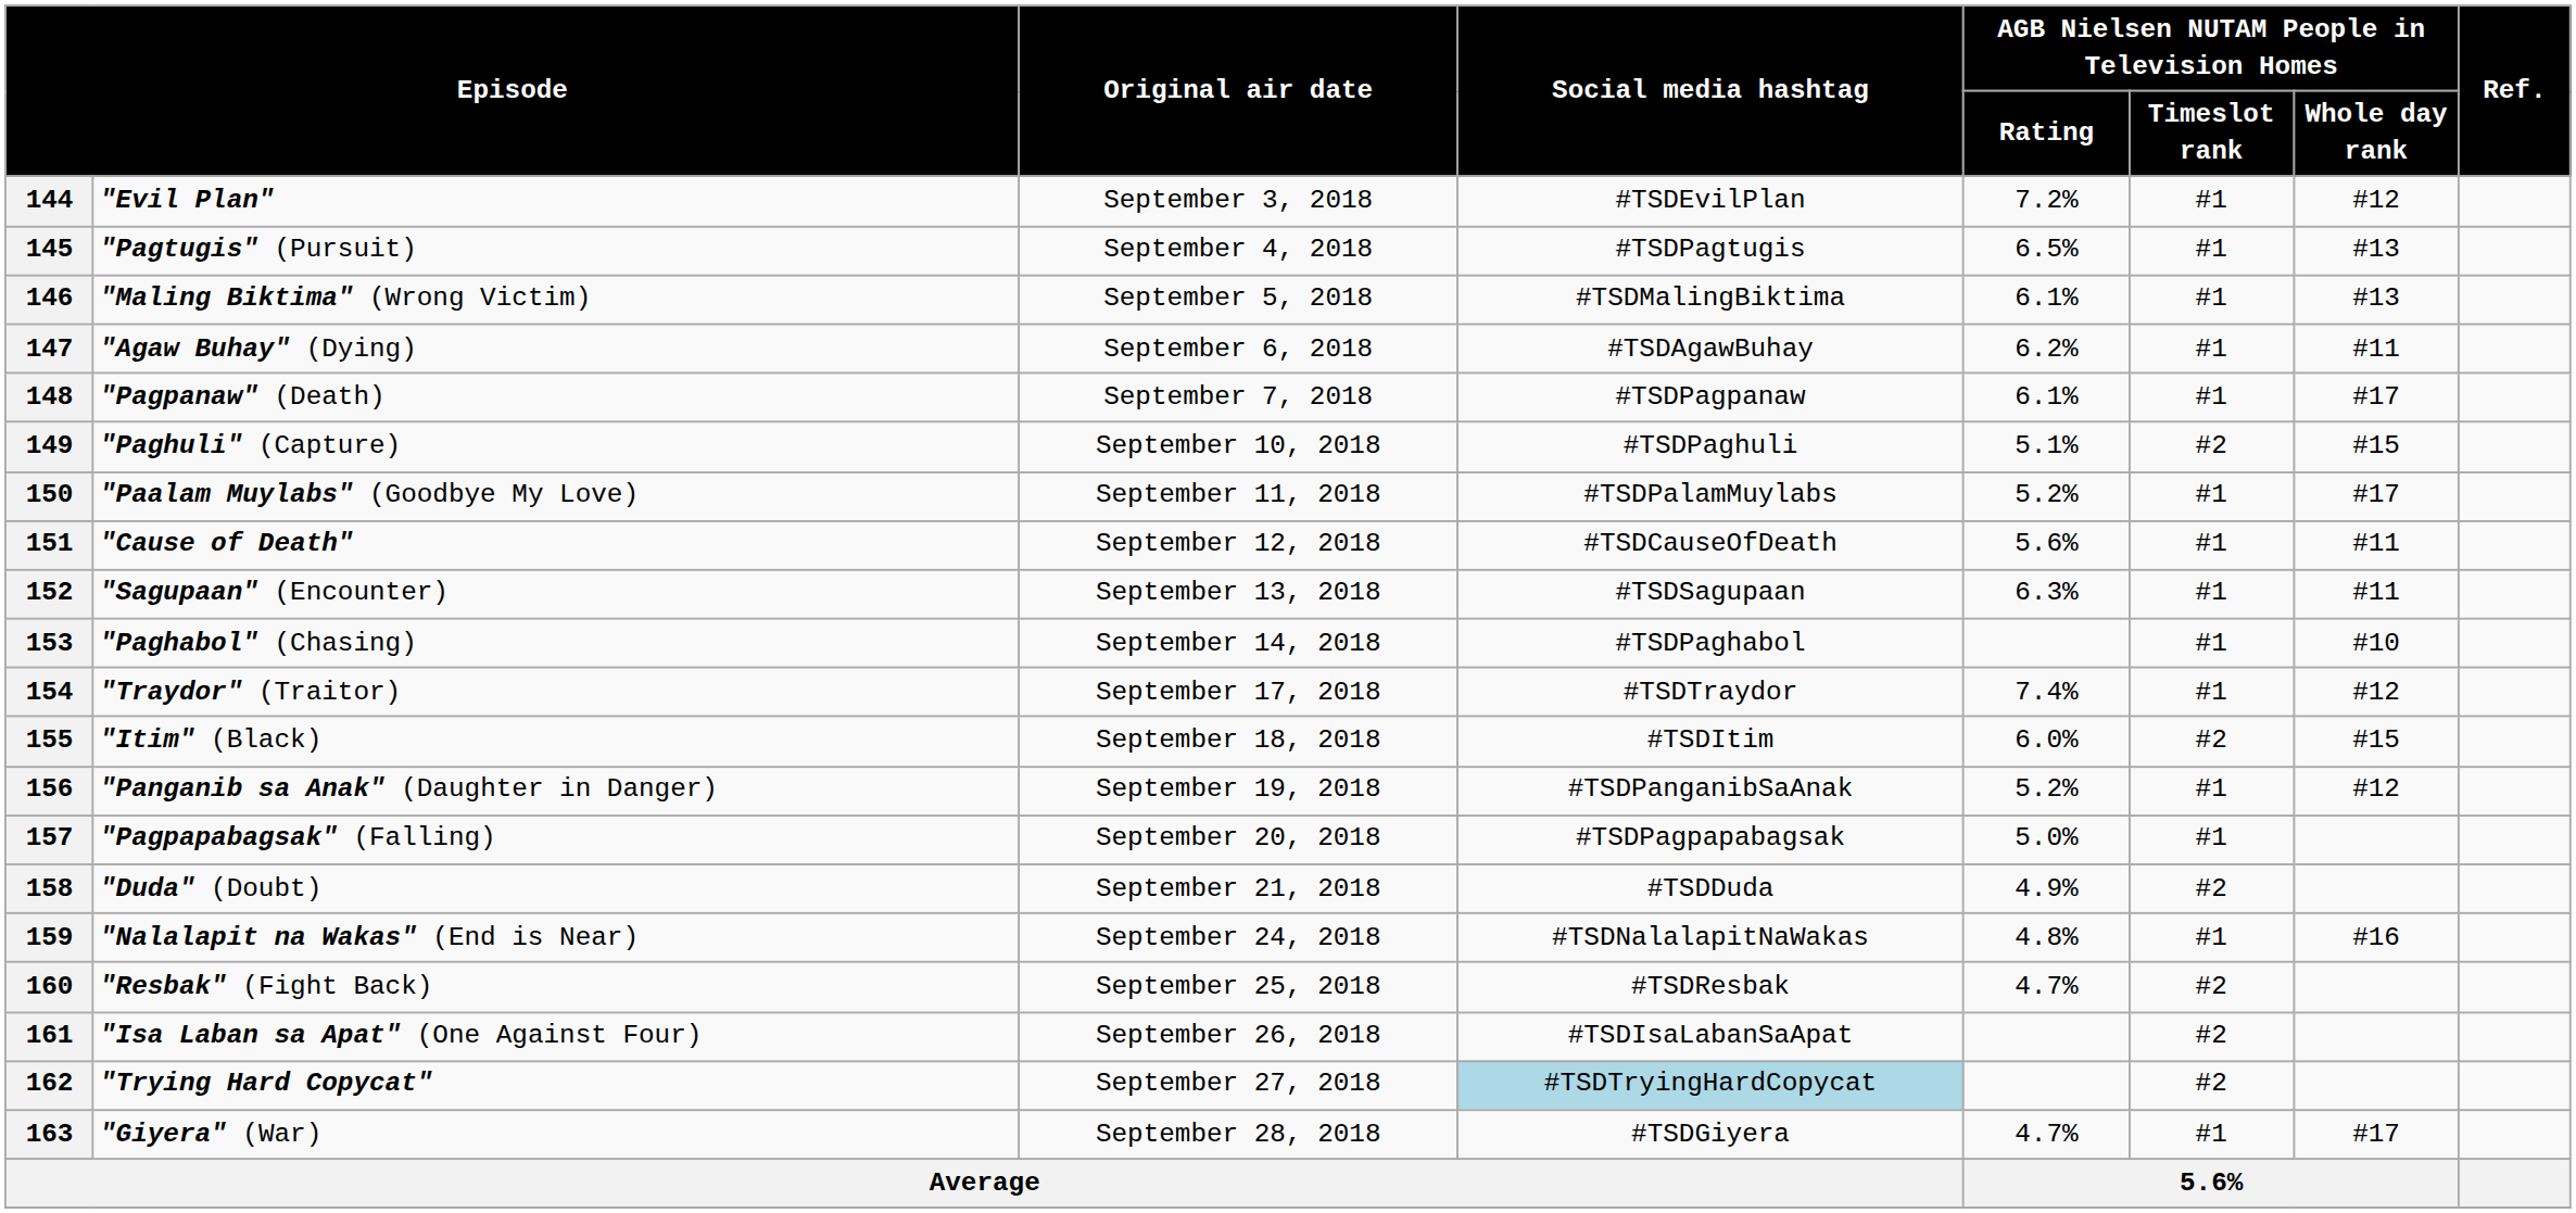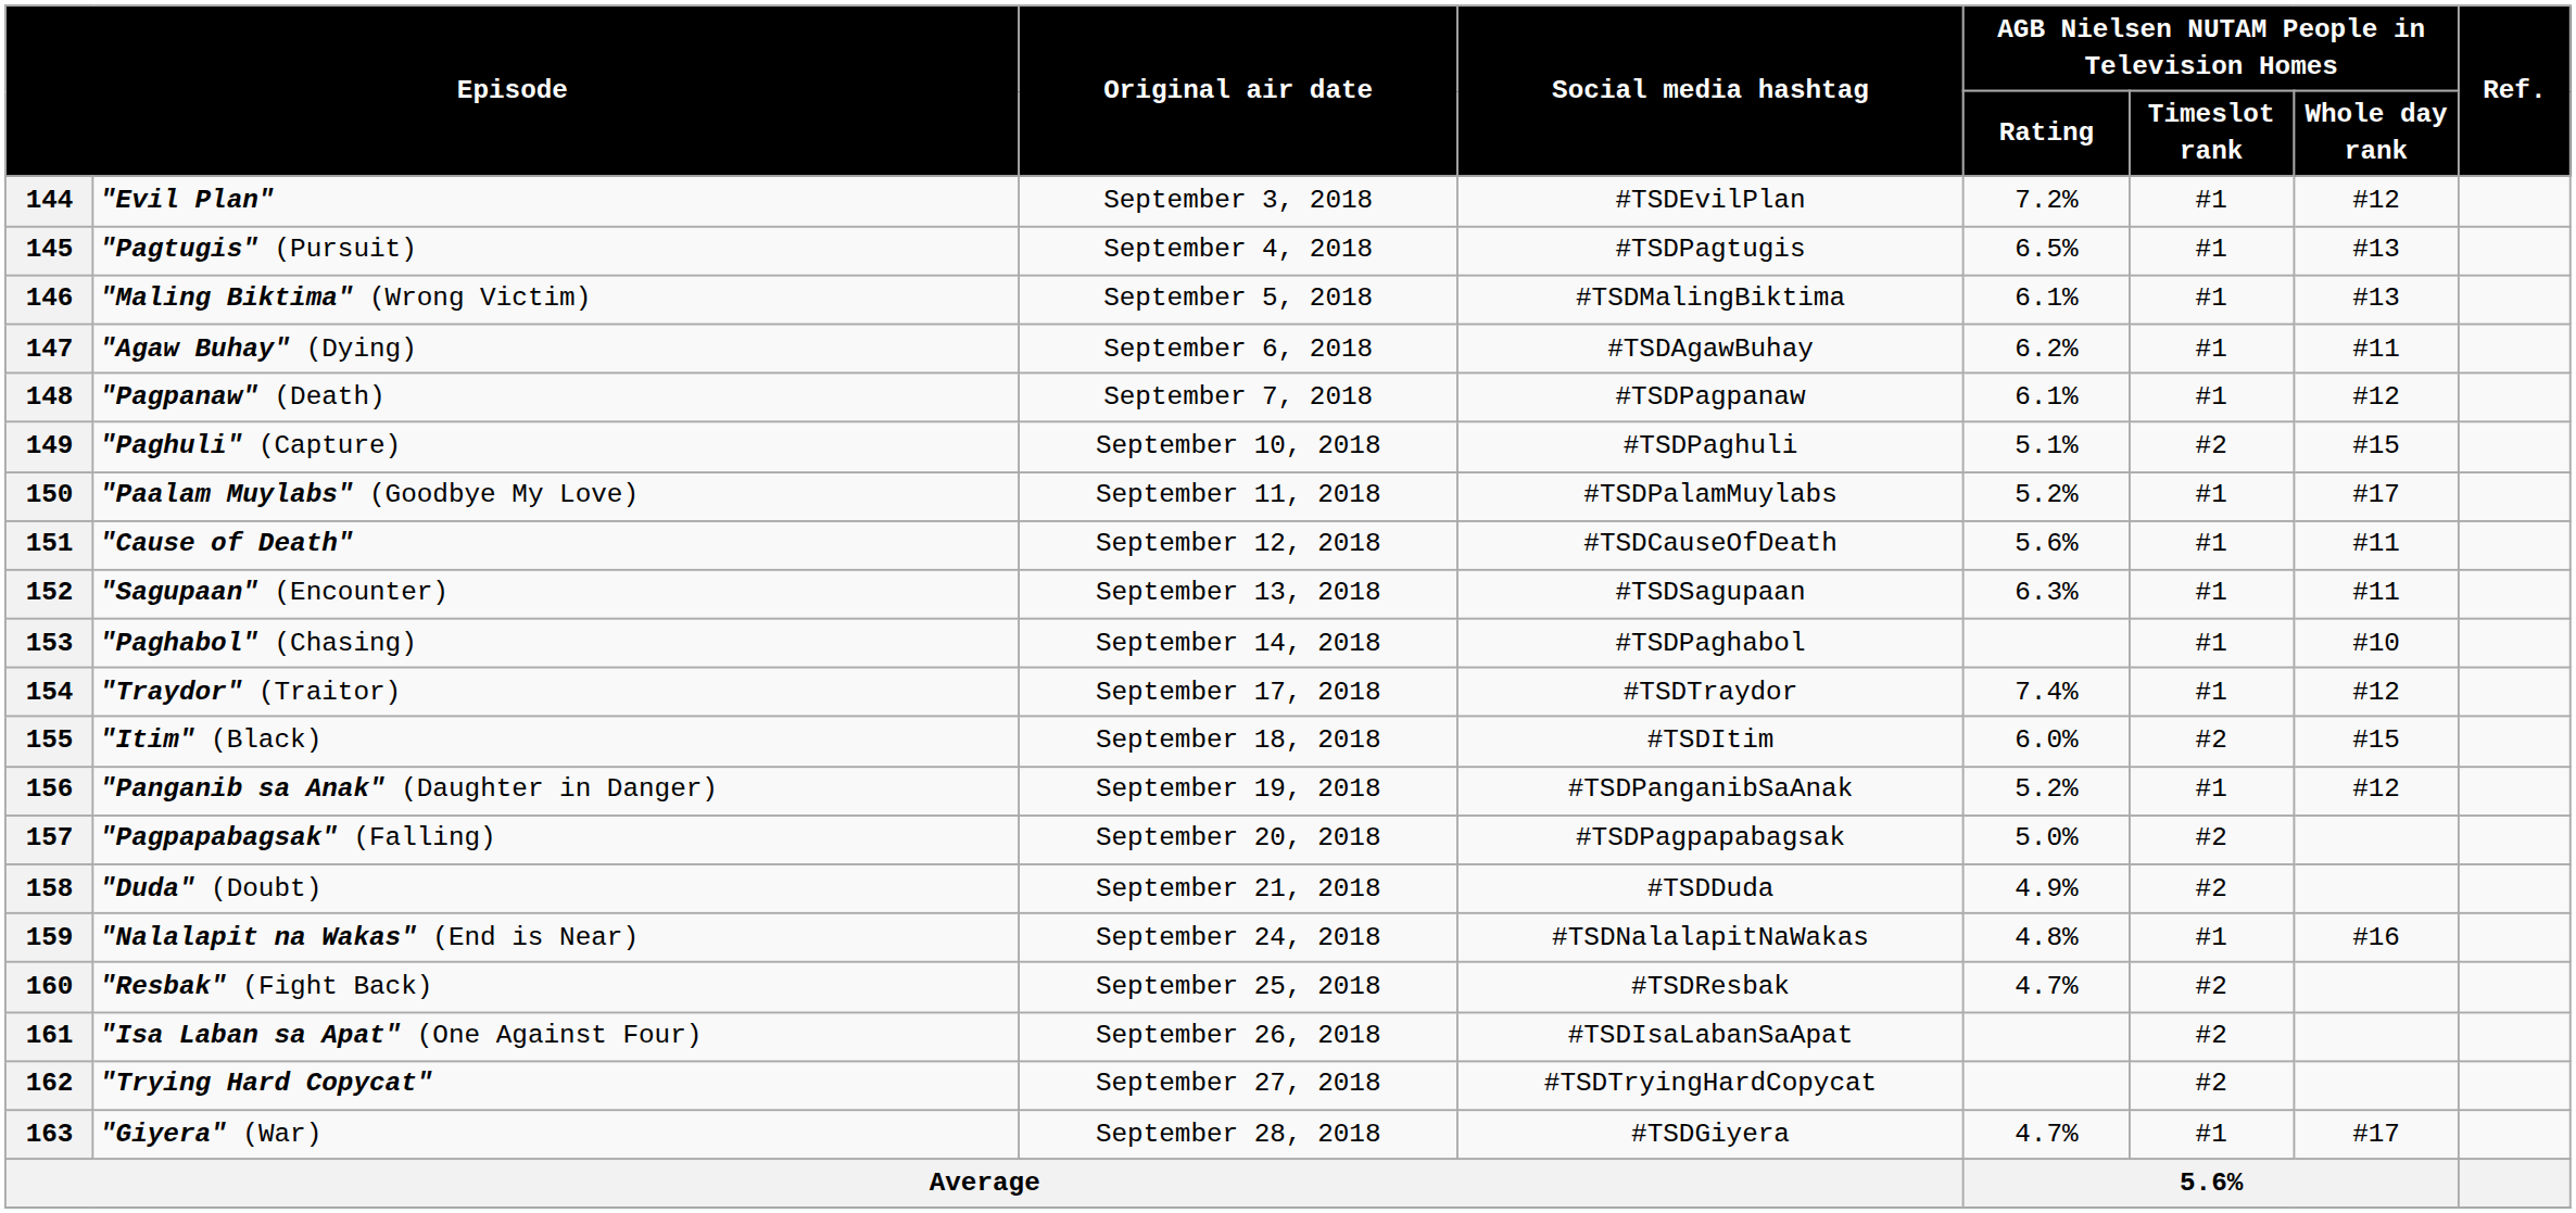 <table class="wikitable" style="text-align:center; font-size:100%; line-height:18px;" width="100%">
 <tr>
 <th style="background-color:#000000; color:#ffffff;" colspan="2" rowspan="2">Episode</th>
 <th style="background-color:#000000; color:white" rowspan="2">Original air date</th>
 <th style="background-color:#000000; color:white" rowspan="2">Social media hashtag</th>
 <th style="background-color:#000000; color:#ffffff;" colspan="3">AGB Nielsen NUTAM People in Television Homes</th>
 <th style="background-color:#000000;  color:#ffffff;" rowspan="2">Ref.</th>
 </tr>
 <tr>
 <th style="background-color:#000000; width:75px; color:#ffffff;">Rating</th>
 <th style="background-color:#000000;  width:75px; color:#ffffff;">Timeslot<br>rank</th>
 <th style="background-color:#000000; width:75px; color:#ffffff;">Whole day<br>rank</th>
 </tr>
 <tr>
 <th>144</th>
 <td style="text-align: left;"><strong><em>"Evil Plan"</em></strong></td>
 <td>September 3, 2018</td>
 <td>#TSDEvilPlan</td>
 <td>7.2%</td>
 <td>#1</td>
 <td>#12</td>
 <td></td>
 </tr>
 <tr>
 <th>145</th>
 <td style="text-align: left;"><strong><em>"Pagtugis"</em></strong> (Pursuit)</td>
 <td>September 4, 2018</td>
 <td>#TSDPagtugis</td>
 <td>6.5%</td>
 <td>#1</td>
 <td>#13</td>
 <td></td>
 </tr>
 <tr>
 <th>146</th>
 <td style="text-align: left;"><strong><em>"Maling Biktima"</em></strong> (Wrong Victim)</td>
 <td>September 5, 2018</td>
 <td>#TSDMalingBiktima</td>
 <td>6.1%</td>
 <td>#1</td>
 <td>#13</td>
 <td></td>
 </tr>
 <tr>
 <th>147</th>
 <td style="text-align: left;"><strong><em>"Agaw Buhay"</em></strong> (Dying)</td>
 <td>September 6, 2018</td>
 <td>#TSDAgawBuhay</td>
 <td>6.2%</td>
 <td>#1</td>
 <td>#11</td>
 <td></td>
 </tr>
 <tr>
 <th>148</th>
 <td style="text-align: left;"><strong><em>"Pagpanaw"</em></strong> (Death)</td>
 <td>September 7, 2018</td>
 <td>#TSDPagpanaw</td>
 <td>6.1%</td>
 <td>#1</td>
-<td>#17</td>
+<td>#12</td>
 <td></td>
 </tr>
 <tr>
 <th>149</th>
 <td style="text-align: left;"><strong><em>"Paghuli"</em></strong> (Capture)</td>
 <td>September 10, 2018</td>
 <td>#TSDPaghuli</td>
 <td>5.1%</td>
 <td>#2</td>
 <td>#15</td>
 <td></td>
 </tr>
 <tr>
 <th>150</th>
 <td style="text-align: left;"><strong><em>"Paalam Muylabs"</em></strong> (Goodbye My Love)</td>
 <td>September 11, 2018</td>
 <td>#TSDPalamMuylabs</td>
 <td>5.2%</td>
 <td>#1</td>
 <td>#17</td>
 <td></td>
 </tr>
 <tr>
 <th>151</th>
 <td style="text-align: left;"><strong><em>"Cause of Death"</em></strong></td>
 <td>September 12, 2018</td>
 <td>#TSDCauseOfDeath</td>
 <td>5.6%</td>
 <td>#1</td>
 <td>#11</td>
 <td></td>
 </tr>
 <tr>
 <th>152</th>
 <td style="text-align: left;"><strong><em>"Sagupaan"</em></strong> (Encounter)</td>
 <td>September 13, 2018</td>
 <td>#TSDSagupaan</td>
 <td>6.3%</td>
 <td>#1</td>
 <td>#11</td>
 <td></td>
 </tr>
 <tr>
 <th>153</th>
 <td style="text-align: left;"><strong><em>"Paghabol"</em></strong> (Chasing)</td>
 <td>September 14, 2018</td>
 <td>#TSDPaghabol</td>
 <td></td>
 <td>#1</td>
 <td>#10</td>
 <td></td>
 </tr>
 <tr>
 <th>154</th>
 <td style="text-align: left;"><strong><em>"Traydor"</em></strong> (Traitor)</td>
 <td>September 17, 2018</td>
 <td>#TSDTraydor</td>
 <td>7.4%</td>
 <td>#1</td>
 <td>#12</td>
 <td></td>
 </tr>
 <tr>
 <th>155</th>
 <td style="text-align: left;"><strong><em>"Itim"</em></strong> (Black)</td>
 <td>September 18, 2018</td>
 <td>#TSDItim</td>
 <td>6.0%</td>
 <td>#2</td>
 <td>#15</td>
 <td></td>
 </tr>
 <tr>
 <th>156</th>
 <td style="text-align: left;"><strong><em>"Panganib sa Anak"</em></strong> (Daughter in Danger)</td>
 <td>September 19, 2018</td>
 <td>#TSDPanganibSaAnak</td>
 <td>5.2%</td>
 <td>#1</td>
 <td>#12</td>
 <td></td>
 </tr>
 <tr>
 <th>157</th>
 <td style="text-align: left;"><strong><em>"Pagpapabagsak"</em></strong> (Falling)</td>
 <td>September 20, 2018</td>
 <td>#TSDPagpapabagsak</td>
 <td>5.0%</td>
-<td>#1</td>
+<td>#2</td>
 <td></td>
 <td></td>
 </tr>
 <tr>
 <th>158</th>
 <td style="text-align: left;"><strong><em>"Duda"</em></strong> (Doubt)</td>
 <td>September 21, 2018</td>
 <td>#TSDDuda</td>
 <td>4.9%</td>
 <td>#2</td>
 <td></td>
 <td></td>
 </tr>
 <tr>
 <th>159</th>
 <td style="text-align: left;"><strong><em>"Nalalapit na Wakas"</em></strong> (End is Near)</td>
 <td>September 24, 2018</td>
 <td>#TSDNalalapitNaWakas</td>
 <td>4.8%</td>
 <td>#1</td>
 <td>#16</td>
 <td></td>
 </tr>
 <tr>
 <th>160</th>
 <td style="text-align: left;"><strong><em>"Resbak"</em></strong> (Fight Back)</td>
 <td>September 25, 2018</td>
 <td>#TSDResbak</td>
 <td>4.7%</td>
 <td>#2</td>
 <td></td>
 <td></td>
 </tr>
 <tr>
 <th>161</th>
 <td style="text-align: left;"><strong><em>"Isa Laban sa Apat"</em></strong> (One Against Four)</td>
 <td>September 26, 2018</td>
 <td>#TSDIsaLabanSaApat</td>
 <td></td>
 <td>#2</td>
 <td></td>
 <td></td>
 </tr>
 <tr>
 <th>162</th>
 <td style="text-align: left;"><strong><em>"Trying Hard Copycat"</em></strong></td>
 <td>September 27, 2018</td>
-<td style="background: lightblue;">#TSDTryingHardCopycat</td>
+<td>#TSDTryingHardCopycat</td>
 <td></td>
 <td>#2</td>
 <td></td>
 <td></td>
 </tr>
 <tr>
 <th>163</th>
 <td style="text-align: left;"><strong><em>"Giyera"</em></strong> (War)</td>
 <td>September 28, 2018</td>
 <td>#TSDGiyera</td>
 <td>4.7%</td>
 <td>#1</td>
 <td>#17</td>
 <td></td>
 </tr>
 <tr>
 <th colspan="4">Average</th>
 <th colspan="3">5.6%</th>
 <th></th>
 </tr>
 <tr>
 </tr>
 </table>
